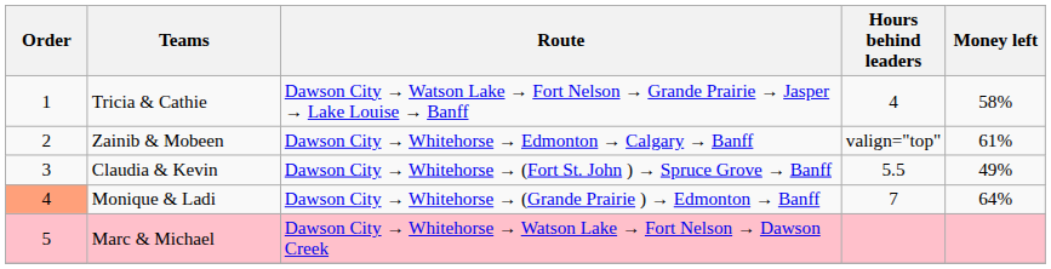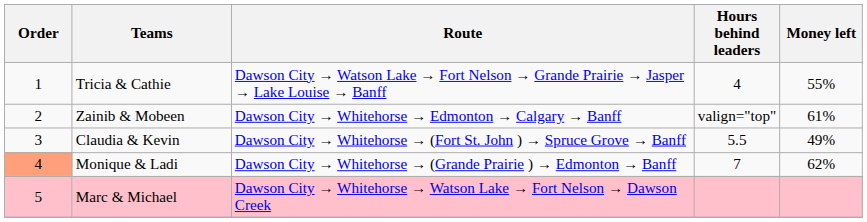 <table class="wikitable sortable" style="text-align:center">
 <tr>
 <th style="width:4em">Order</th>
 <th style="width:10em">Teams</th>
 <th style="width:30em">Route</th>
 <th style="width:5em">Hours behind leaders</th>
 <th style="width:5em">Money left</th>
 </tr>
 <tr>
 <td>1</td>
 <td style="text-align:left">Tricia & Cathie</td>
 <td style="text-align:left"><a href='#'>Dawson City</a>  → <a href='#'>Watson Lake</a>  → <a href='#'>Fort Nelson</a>  → <a href='#'>Grande Prairie</a>   → <a href='#'>Jasper</a>  → <a href='#'>Lake Louise</a>  → <a href='#'>Banff</a></td>
 <td>4</td>
-<td>58%</td>
+<td>55%</td>
 </tr>
 <tr>
 <td>2</td>
 <td style="text-align:left">Zainib & Mobeen</td>
 <td style="text-align:left"><a href='#'>Dawson City</a>  → <a href='#'>Whitehorse</a>  → <a href='#'>Edmonton</a>   → <a href='#'>Calgary</a>  → <a href='#'>Banff</a></td>
 <td>valign="top" </td>
 <td>61%</td>
 </tr>
 <tr>
 <td>3</td>
 <td style="text-align:left">Claudia & Kevin</td>
 <td style="text-align:left"><a href='#'>Dawson City</a>  → <a href='#'>Whitehorse</a>  → (<a href='#'>Fort St. John</a> ) → <a href='#'>Spruce Grove</a>  → <a href='#'>Banff</a></td>
 <td>5.5</td>
 <td>49%</td>
 </tr>
 <tr>
 <td style="background: lightsalmon;">4</td>
 <td style="text-align:left">Monique & Ladi</td>
 <td style="text-align:left"><a href='#'>Dawson City</a>  → <a href='#'>Whitehorse</a>  → (<a href='#'>Grande Prairie</a> ) → <a href='#'>Edmonton</a>  → <a href='#'>Banff</a></td>
 <td>7</td>
-<td>64%</td>
+<td>62%</td>
 </tr>
 <tr style="background:pink">
 <td>5</td>
 <td style="text-align:left">Marc & Michael</td>
 <td style="text-align:left"><a href='#'>Dawson City</a>  → <a href='#'>Whitehorse</a>  → <a href='#'>Watson Lake</a>  → <a href='#'>Fort Nelson</a>  → <a href='#'>Dawson Creek</a></td>
 <td></td>
 <td></td>
 </tr>
 <tr>
 </tr>
 </table>
